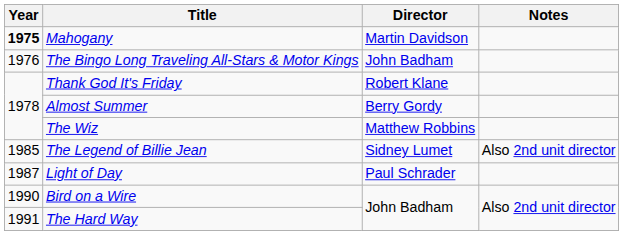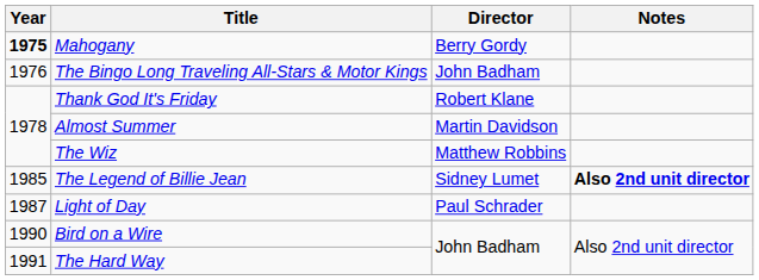 <table class="wikitable">
 <tr>
 <th>Year</th>
 <th>Title</th>
 <th>Director</th>
 <th>Notes</th>
 </tr>
 <tr>
 <td><strong>1975</strong></td>
 <td><em><a href='#'>Mahogany</a></em></td>
-<td><a href='#'>Martin Davidson</a></td>
+<td><a href='#'>Berry Gordy</a></td>
 <td></td>
 </tr>
 <tr>
 <td>1976</td>
 <td><em><a href='#'>The Bingo Long Traveling All-Stars & Motor Kings</a></em></td>
 <td><a href='#'>John Badham</a></td>
 <td></td>
 </tr>
 <tr>
 <td rowspan=3>1978</td>
 <td><em><a href='#'>Thank God It's Friday</a></em></td>
 <td><a href='#'>Robert Klane</a></td>
 <td></td>
 </tr>
 <tr>
 <td><em><a href='#'>Almost Summer</a></em></td>
-<td><a href='#'>Berry Gordy</a></td>
+<td><a href='#'>Martin Davidson</a></td>
 <td></td>
 </tr>
 <tr>
 <td><em><a href='#'>The Wiz</a></em></td>
 <td><a href='#'>Matthew Robbins</a></td>
 <td></td>
 </tr>
 <tr>
 <td>1985</td>
 <td><em><a href='#'>The Legend of Billie Jean</a></em></td>
 <td><a href='#'>Sidney Lumet</a></td>
-<td>Also <a href='#'>2nd unit director</a></td>
+<td><strong>Also <a href='#'>2nd unit director</a></strong></td>
 </tr>
 <tr>
 <td>1987</td>
 <td><em><a href='#'>Light of Day</a></em></td>
 <td><a href='#'>Paul Schrader</a></td>
 <td></td>
 </tr>
 <tr>
 <td>1990</td>
 <td><em><a href='#'>Bird on a Wire</a></em></td>
 <td rowspan=2>John Badham</td>
 <td rowspan=2>Also <a href='#'>2nd unit director</a></td>
 </tr>
 <tr>
 <td>1991</td>
 <td><em><a href='#'>The Hard Way</a></em></td>
 </tr>
 </table>
